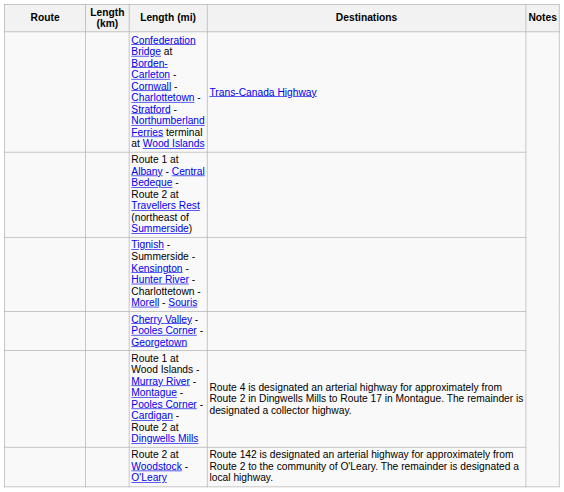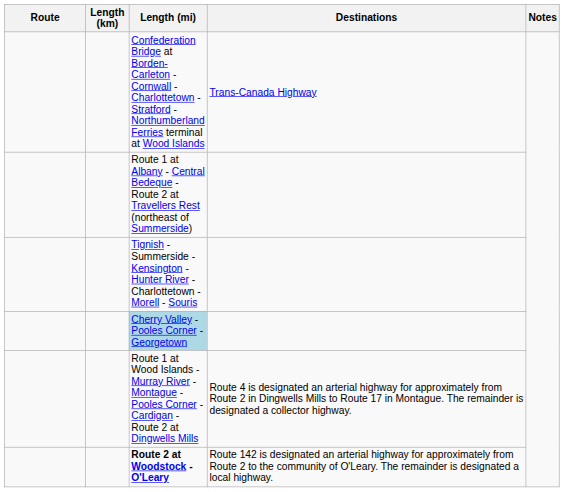 <table class="wikitable">
 <tr>
 <th style="width: 120px;">Route</th>
 <th style="width: 60px;">Length (km)</th>
 <th style="width: 60px;">Length (mi)</th>
 <th>Destinations</th>
 <th>Notes</th>
 </tr>
 <tr>
 <td></td>
 <td></td>
 <td><a href='#'>Confederation Bridge</a> at <a href='#'>Borden-Carleton</a> - <a href='#'>Cornwall</a> - <a href='#'>Charlottetown</a> - <a href='#'>Stratford</a> - <a href='#'>Northumberland Ferries</a> terminal at <a href='#'>Wood Islands</a></td>
 <td><a href='#'>Trans-Canada Highway</a></td>
 </tr>
 <tr>
 <td></td>
 <td></td>
 <td>Route 1 at <a href='#'>Albany</a> - <a href='#'>Central Bedeque</a> - Route 2 at <a href='#'>Travellers Rest</a> (northeast of <a href='#'>Summerside</a>)</td>
 <td></td>
 </tr>
 <tr>
 <td></td>
 <td></td>
 <td><a href='#'>Tignish</a> - Summerside - <a href='#'>Kensington</a> - <a href='#'>Hunter River</a> - Charlottetown - <a href='#'>Morell</a> - <a href='#'>Souris</a></td>
 <td></td>
 </tr>
 <tr>
 <td></td>
 <td></td>
-<td><a href='#'>Cherry Valley</a> - <a href='#'>Pooles Corner</a> - <a href='#'>Georgetown</a></td>
+<td style="background: lightblue;"><a href='#'>Cherry Valley</a> - <a href='#'>Pooles Corner</a> - <a href='#'>Georgetown</a></td>
 <td></td>
 </tr>
 <tr>
 <td></td>
 <td></td>
 <td>Route 1 at Wood Islands - <a href='#'>Murray River</a> - <a href='#'>Montague</a> - <a href='#'>Pooles Corner</a> - <a href='#'>Cardigan</a> - Route 2 at <a href='#'>Dingwells Mills</a></td>
 <td>Route 4 is designated an arterial highway for approximately  from Route 2 in Dingwells Mills to Route 17 in Montague. The remainder is designated a collector highway.</td>
 </tr>
 <tr>
 <td></td>
 <td></td>
-<td>Route 2 at <a href='#'>Woodstock</a> - <a href='#'>O'Leary</a></td>
+<td><strong>Route 2 at <a href='#'>Woodstock</a> - <a href='#'>O'Leary</a></strong></td>
 <td>Route 142 is designated an arterial highway for approximately  from Route 2 to the community of O'Leary. The remainder is designated a local highway.</td>
 </tr>
 </table>
